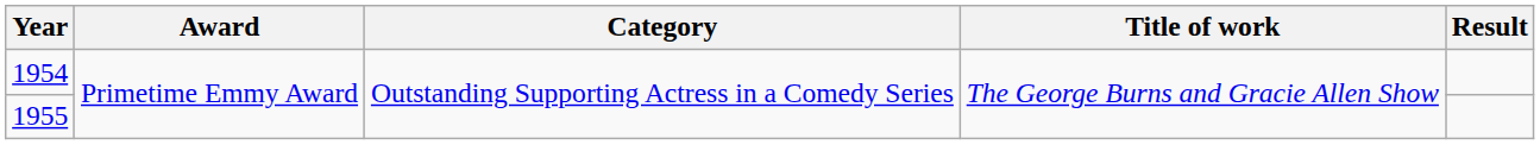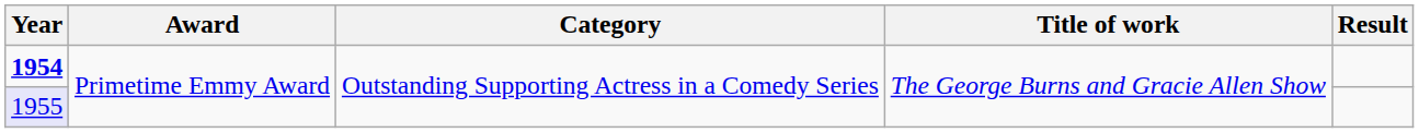 <table class="wikitable sortable">
 <tr>
 <th>Year</th>
 <th>Award</th>
 <th>Category</th>
 <th>Title of work</th>
 <th>Result</th>
 </tr>
 <tr>
-<td><a href='#'>1954</a></td>
+<td><strong><a href='#'>1954</a></strong></td>
 <td rowspan="2"><a href='#'>Primetime Emmy Award</a></td>
 <td rowspan="2"><a href='#'>Outstanding Supporting Actress in a Comedy Series</a></td>
 <td rowspan="2"><em><a href='#'>The George Burns and Gracie Allen Show</a></em></td>
 <td></td>
 </tr>
 <tr>
-<td><a href='#'>1955</a></td>
+<td style="background: lavender;"><a href='#'>1955</a></td>
 <td></td>
 </tr>
 </table>
